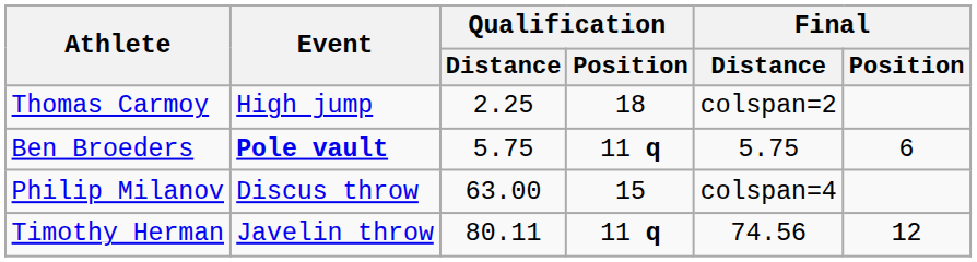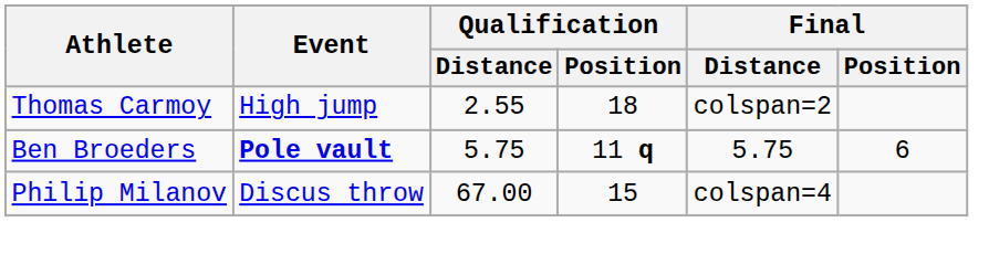 <table class=wikitable style=font-size:90%>
 <tr>
 <th rowspan=2>Athlete</th>
 <th rowspan=2>Event</th>
 <th colspan=2>Qualification</th>
 <th colspan=2>Final</th>
 </tr>
 <tr style=font-size:95%>
 <th>Distance</th>
 <th>Position</th>
 <th>Distance</th>
 <th>Position</th>
 </tr>
 <tr align=center>
 <td align=left><a href='#'>Thomas Carmoy</a></td>
 <td align=left><a href='#'>High jump</a></td>
-<td>2.25</td>
+<td>2.55</td>
 <td>18</td>
 <td>colspan=2 </td>
 </tr>
 <tr align=center>
 <td align=left><a href='#'>Ben Broeders</a></td>
 <td align=left><strong><a href='#'>Pole vault</a></strong></td>
 <td>5.75</td>
 <td>11 <strong>q</strong></td>
 <td>5.75</td>
 <td>6</td>
 </tr>
 <tr align=center>
 <td align=left><a href='#'>Philip Milanov</a></td>
 <td align=left><a href='#'>Discus throw</a></td>
-<td>63.00</td>
+<td>67.00</td>
 <td>15</td>
 <td>colspan=4 </td>
 </tr>
-<tr align=center>
-<td align=left><a href='#'>Timothy Herman</a></td>
-<td align=left><a href='#'>Javelin throw</a></td>
-<td>80.11</td>
-<td>11 <strong>q</strong></td>
-<td>74.56</td>
-<td>12</td>
-</tr>
 </table>
